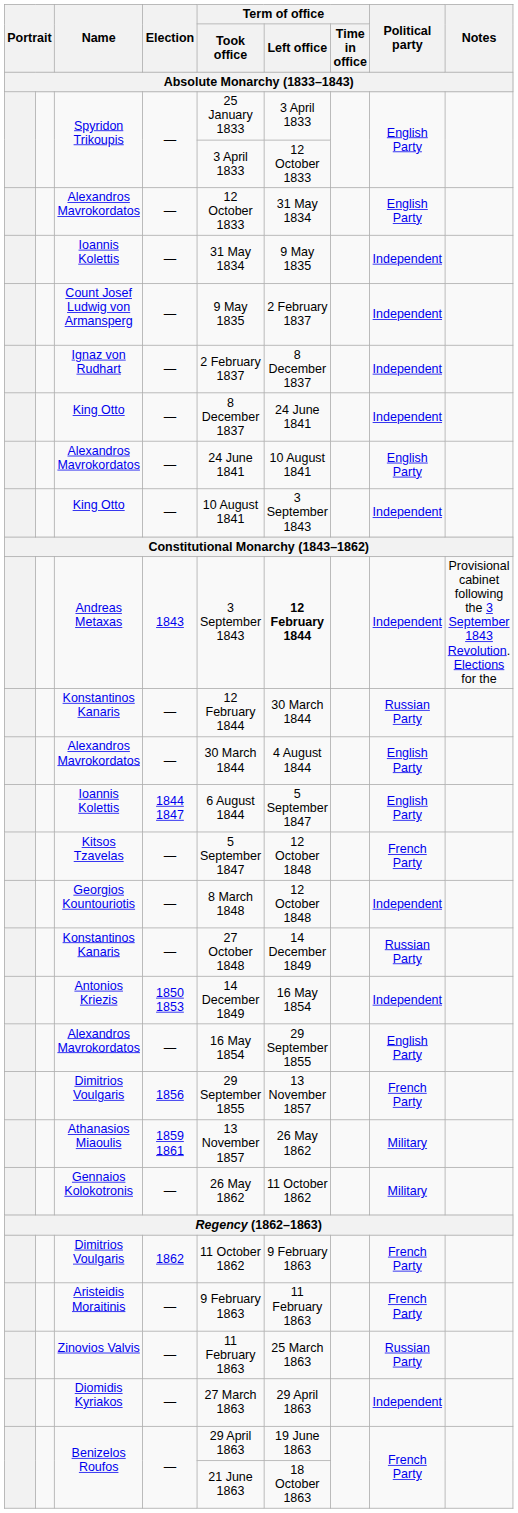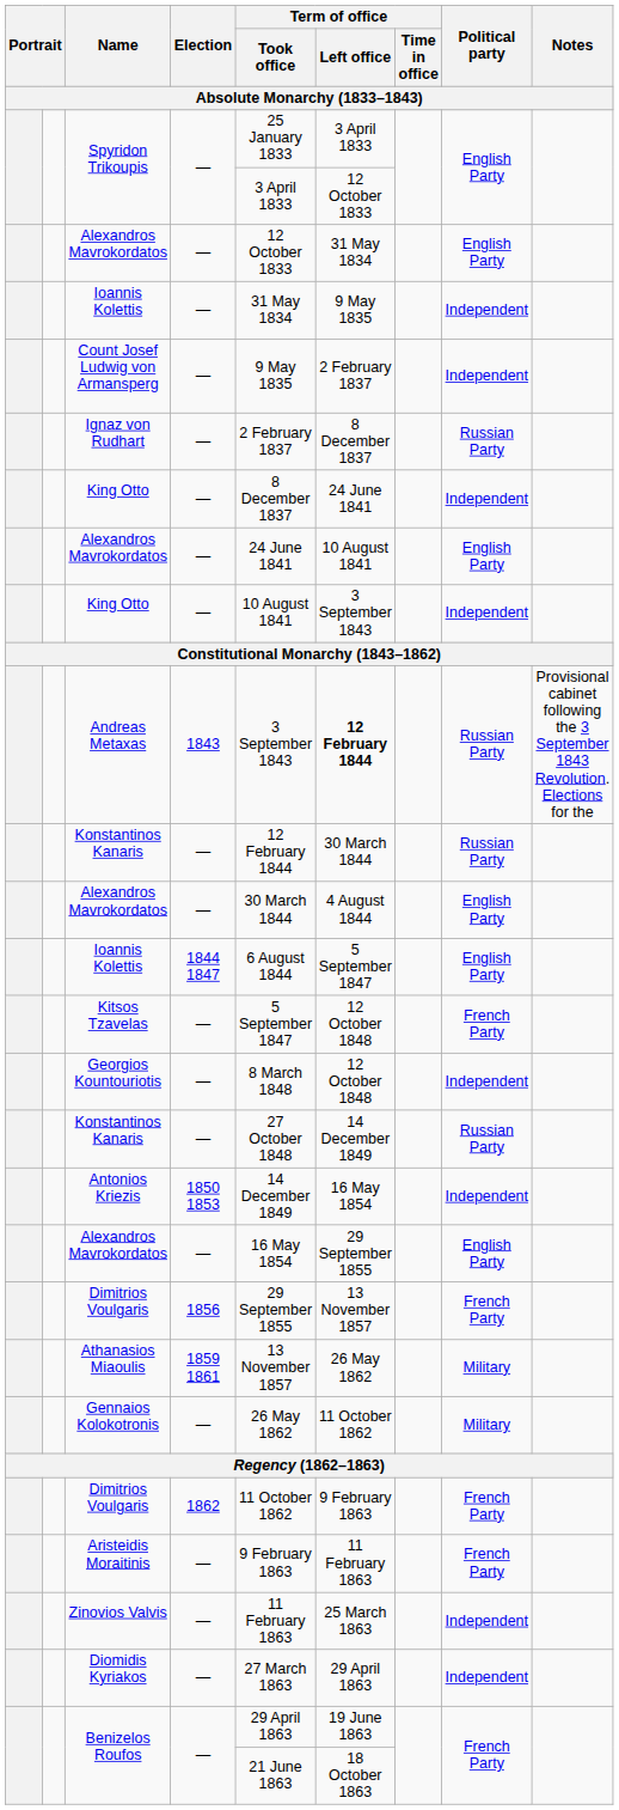 <table class=wikitable style=text-align:center>
 <tr>
 <th colspan="2" rowspan="2">Portrait</th>
 <th rowspan="2">Name<br></th>
 <th rowspan="2" style="width:5%;">Election</th>
 <th colspan="3">Term of office</th>
 <th rowspan="2" style="width:10%;">Political party</th>
 <th rowspan="2" style="width:35%;">Notes</th>
 </tr>
 <tr>
 <th>Took office</th>
 <th>Left office</th>
 <th>Time in office</th>
 </tr>
 <tr style="background:#ccc;">
 <th colspan="9">Absolute Monarchy (1833–1843)</th>
 </tr>
 <tr>
 <th rowspan="2" style="background:"> </th>
 <td rowspan="2"></td>
 <td rowspan="2"><a href='#'>Spyridon Trikoupis</a><br><br></td>
 <td rowspan="2">—</td>
 <td>25 January 1833</td>
 <td>3 April 1833</td>
 <td rowspan="2"></td>
 <td rowspan="2"><a href='#'>English Party</a></td>
 <td rowspan="2"></td>
 </tr>
 <tr>
 <td>3 April 1833</td>
 <td>12 October 1833</td>
 </tr>
 <tr>
 <th style="background:"></th>
 <td></td>
 <td><a href='#'>Alexandros Mavrokordatos</a><br><br></td>
 <td>—</td>
 <td>12 October 1833</td>
 <td>31 May 1834</td>
 <td></td>
 <td><a href='#'>English Party</a></td>
 <td></td>
 </tr>
 <tr>
 <th style="background:"></th>
 <td></td>
 <td><a href='#'>Ioannis Kolettis</a><br><br></td>
 <td>—</td>
 <td>31 May 1834</td>
 <td>9 May 1835</td>
 <td></td>
 <td><a href='#'>Independent</a></td>
 <td></td>
 </tr>
 <tr>
 <th style="background:"></th>
 <td></td>
 <td><a href='#'>Count Josef Ludwig von Armansperg</a><br><br></td>
 <td>—</td>
 <td>9 May 1835</td>
 <td>2 February 1837</td>
 <td></td>
 <td><a href='#'>Independent</a></td>
 <td></td>
 </tr>
 <tr>
 <th style="background:"></th>
 <td></td>
 <td><a href='#'>Ignaz von Rudhart</a><br><br></td>
 <td>—</td>
 <td>2 February 1837</td>
 <td>8 December 1837</td>
 <td></td>
-<td><a href='#'>Independent</a></td>
+<td><a href='#'>Russian Party</a></td>
 <td></td>
 </tr>
 <tr>
 <th style="background:"></th>
 <td></td>
 <td><a href='#'>King Otto</a><br><br></td>
 <td>—</td>
 <td>8 December 1837</td>
 <td>24 June 1841</td>
 <td></td>
 <td><a href='#'>Independent</a></td>
 <td></td>
 </tr>
 <tr>
 <th style="background:"></th>
 <td></td>
 <td><a href='#'>Alexandros Mavrokordatos</a><br><br></td>
 <td>—</td>
 <td>24 June 1841</td>
 <td>10 August 1841</td>
 <td></td>
 <td><a href='#'>English Party</a></td>
 <td></td>
 </tr>
 <tr>
 <th style="background:"></th>
 <td></td>
 <td><a href='#'>King Otto</a><br><br></td>
 <td>—</td>
 <td>10 August 1841</td>
 <td>3 September 1843</td>
 <td></td>
 <td><a href='#'>Independent</a></td>
 <td></td>
 </tr>
 <tr style="background:#ccc;">
 <th colspan="9">Constitutional Monarchy (1843–1862)</th>
 </tr>
 <tr>
 <th style="background:"></th>
 <td></td>
 <td><a href='#'>Andreas Metaxas</a><br><br></td>
 <td><a href='#'>1843</a></td>
 <td>3 September 1843</td>
 <td><strong>12 February 1844</strong></td>
 <td></td>
-<td><a href='#'>Independent</a></td>
+<td><a href='#'>Russian Party</a></td>
 <td {{small>Provisional cabinet following the <a href='#'>3 September 1843 Revolution</a>. <a href='#'>Elections</a> for the </td>
 </tr>
 <tr>
 <th style="background:"></th>
 <td></td>
 <td><a href='#'>Konstantinos Kanaris</a><br><br></td>
 <td>—</td>
 <td>12 February 1844</td>
 <td>30 March 1844</td>
 <td></td>
 <td><a href='#'>Russian Party</a></td>
 <td></td>
 </tr>
 <tr>
 <th style="background:"></th>
 <td></td>
 <td><a href='#'>Alexandros Mavrokordatos</a><br><br></td>
 <td>—</td>
 <td>30 March 1844</td>
 <td>4 August 1844</td>
 <td></td>
 <td><a href='#'>English Party</a></td>
 <td></td>
 </tr>
 <tr>
 <th style="background:"></th>
 <td></td>
 <td><a href='#'>Ioannis Kolettis</a><br><br></td>
 <td><a href='#'>1844</a><br><a href='#'>1847</a></td>
 <td>6 August 1844</td>
 <td>5 September 1847</td>
 <td></td>
 <td><a href='#'>English Party</a></td>
 <td></td>
 </tr>
 <tr>
 <th style="background:"></th>
 <td></td>
 <td><a href='#'>Kitsos Tzavelas</a><br><br></td>
 <td>—</td>
 <td>5 September 1847</td>
 <td>12 October 1848</td>
 <td></td>
 <td><a href='#'>French Party</a></td>
 <td></td>
 </tr>
 <tr>
 <th style="background:"></th>
 <td></td>
 <td><a href='#'>Georgios Kountouriotis</a><br><br></td>
 <td>—</td>
 <td>8 March 1848</td>
 <td>12 October 1848</td>
 <td></td>
 <td><a href='#'>Independent</a></td>
 <td></td>
 </tr>
 <tr>
 <th style="background:"></th>
 <td></td>
 <td><a href='#'>Konstantinos Kanaris</a><br><br></td>
 <td>—</td>
 <td>27 October 1848</td>
 <td>14 December 1849</td>
 <td></td>
 <td><a href='#'>Russian Party</a></td>
 <td></td>
 </tr>
 <tr>
 <th style="background:"></th>
 <td></td>
 <td><a href='#'>Antonios Kriezis</a><br><br></td>
 <td><a href='#'>1850</a><br><a href='#'>1853</a></td>
 <td>14 December 1849</td>
 <td>16 May 1854</td>
 <td></td>
 <td><a href='#'>Independent</a></td>
 <td></td>
 </tr>
 <tr>
 <th style="background:"></th>
 <td></td>
 <td><a href='#'>Alexandros Mavrokordatos</a><br><br></td>
 <td>—</td>
 <td>16 May 1854</td>
 <td>29 September 1855</td>
 <td></td>
 <td><a href='#'>English Party</a></td>
 <td></td>
 </tr>
 <tr>
 <th style="background:"></th>
 <td></td>
 <td><a href='#'>Dimitrios Voulgaris</a><br><br></td>
 <td><a href='#'>1856</a></td>
 <td>29 September 1855</td>
 <td>13 November 1857</td>
 <td></td>
 <td><a href='#'>French Party</a></td>
 <td></td>
 </tr>
 <tr>
 <th style="background:"></th>
 <td></td>
 <td><a href='#'>Athanasios Miaoulis</a><br><br></td>
 <td><a href='#'>1859</a><br><a href='#'>1861</a></td>
 <td>13 November 1857</td>
 <td>26 May 1862</td>
 <td></td>
 <td><a href='#'>Military</a></td>
 <td></td>
 </tr>
 <tr>
 <th style="background:"></th>
 <td></td>
 <td><a href='#'>Gennaios Kolokotronis</a><br><br></td>
 <td>—</td>
 <td>26 May 1862</td>
 <td>11 October 1862</td>
 <td></td>
 <td><a href='#'>Military</a></td>
 <td></td>
 </tr>
 <tr style="background:#ccc;">
 <th colspan="9"><em>Regency</em> (1862–1863)</th>
 </tr>
 <tr>
 <th style="background:"></th>
 <td></td>
 <td><a href='#'>Dimitrios Voulgaris</a><br><br></td>
 <td><a href='#'>1862</a></td>
 <td>11 October 1862</td>
 <td>9 February 1863</td>
 <td></td>
 <td><a href='#'>French Party</a></td>
 <td></td>
 </tr>
 <tr>
 <th style="background:"></th>
 <td></td>
 <td><a href='#'>Aristeidis Moraitinis</a><br><br></td>
 <td>—</td>
 <td>9 February 1863</td>
 <td>11 February 1863</td>
 <td></td>
 <td><a href='#'>French Party</a></td>
 <td></td>
 </tr>
 <tr>
 <th style="background:"></th>
 <td></td>
 <td><a href='#'>Zinovios Valvis</a><br><br></td>
 <td>—</td>
 <td>11 February 1863</td>
 <td>25 March 1863</td>
 <td></td>
-<td><a href='#'>Russian Party</a></td>
+<td><a href='#'>Independent</a></td>
 <td></td>
 </tr>
 <tr>
 <th style="background:"></th>
 <td></td>
 <td><a href='#'>Diomidis Kyriakos</a><br><br></td>
 <td>—</td>
 <td>27 March 1863</td>
 <td>29 April 1863</td>
 <td></td>
 <td><a href='#'>Independent</a></td>
 <td></td>
 </tr>
 <tr>
 <th rowspan="2" style="background:"></th>
 <td rowspan="2"></td>
 <td rowspan="2"><a href='#'>Benizelos Roufos</a><br><br></td>
 <td rowspan="2">—</td>
 <td>29 April 1863</td>
 <td>19 June 1863</td>
 <td rowspan="2"></td>
 <td rowspan="2"><a href='#'>French Party</a></td>
 <td rowspan="2"></td>
 </tr>
 <tr>
 <td>21 June 1863</td>
 <td>18 October 1863</td>
 </tr>
 </table>
